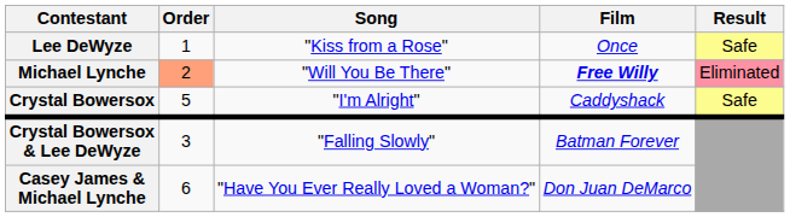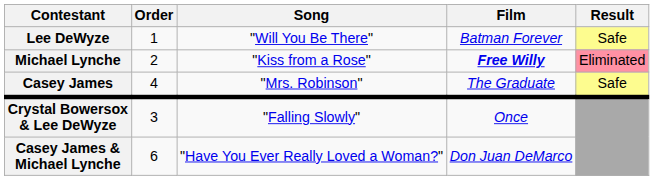 <table class="wikitable unsortable" style="text-align:center;">
 <tr>
 <th scope="col">Contestant</th>
 <th scope="col">Order</th>
 <th scope="col">Song</th>
 <th scope="col">Film</th>
 <th scope="col">Result</th>
 </tr>
 <tr>
 <th scope="row">Lee DeWyze</th>
 <td>1</td>
-<td>"<a href='#'>Kiss from a Rose</a>"</td>
-<td><em><a href='#'>Once</a></em></td>
+<td>"<a href='#'>Will You Be There</a>"</td>
+<td><em><a href='#'>Batman Forever</a></em></td>
 <td style="background:#FDFC8F">Safe</td>
 </tr>
 <tr>
 <th scope="row">Michael Lynche</th>
-<td style="background: lightsalmon;">2</td>
-<td>"<a href='#'>Will You Be There</a>"</td>
+<td>2</td>
+<td>"<a href='#'>Kiss from a Rose</a>"</td>
 <td><strong><em><a href='#'>Free Willy</a></em></strong></td>
 <td bgcolor="FF91A4">Eliminated</td>
 </tr>
 <tr>
-<th scope="row">Crystal Bowersox</th>
-<td>5</td>
-<td>"<a href='#'>I'm Alright</a>"</td>
-<td><em><a href='#'>Caddyshack</a></em></td>
+<th scope="row">Casey James</th>
+<td>4</td>
+<td>"<a href='#'>Mrs. Robinson</a>"</td>
+<td><em><a href='#'>The Graduate</a></em></td>
 <td style="background:#FDFC8F">Safe</td>
 </tr>
 <tr style="border-top:5px solid">
 <th scope="row">Crystal Bowersox<br>& Lee DeWyze</th>
 <td>3</td>
 <td>"<a href='#'>Falling Slowly</a>"</td>
-<td><em><a href='#'>Batman Forever</a></em></td>
+<td><em><a href='#'>Once</a></em></td>
 <td bgcolor="darkgray" rowspan="2"></td>
 </tr>
 <tr>
 <th scope="row">Casey James &<br>Michael Lynche</th>
 <td>6</td>
 <td>"<a href='#'>Have You Ever Really Loved a Woman?</a>"</td>
 <td><em><a href='#'>Don Juan DeMarco</a></em></td>
 </tr>
 </table>
